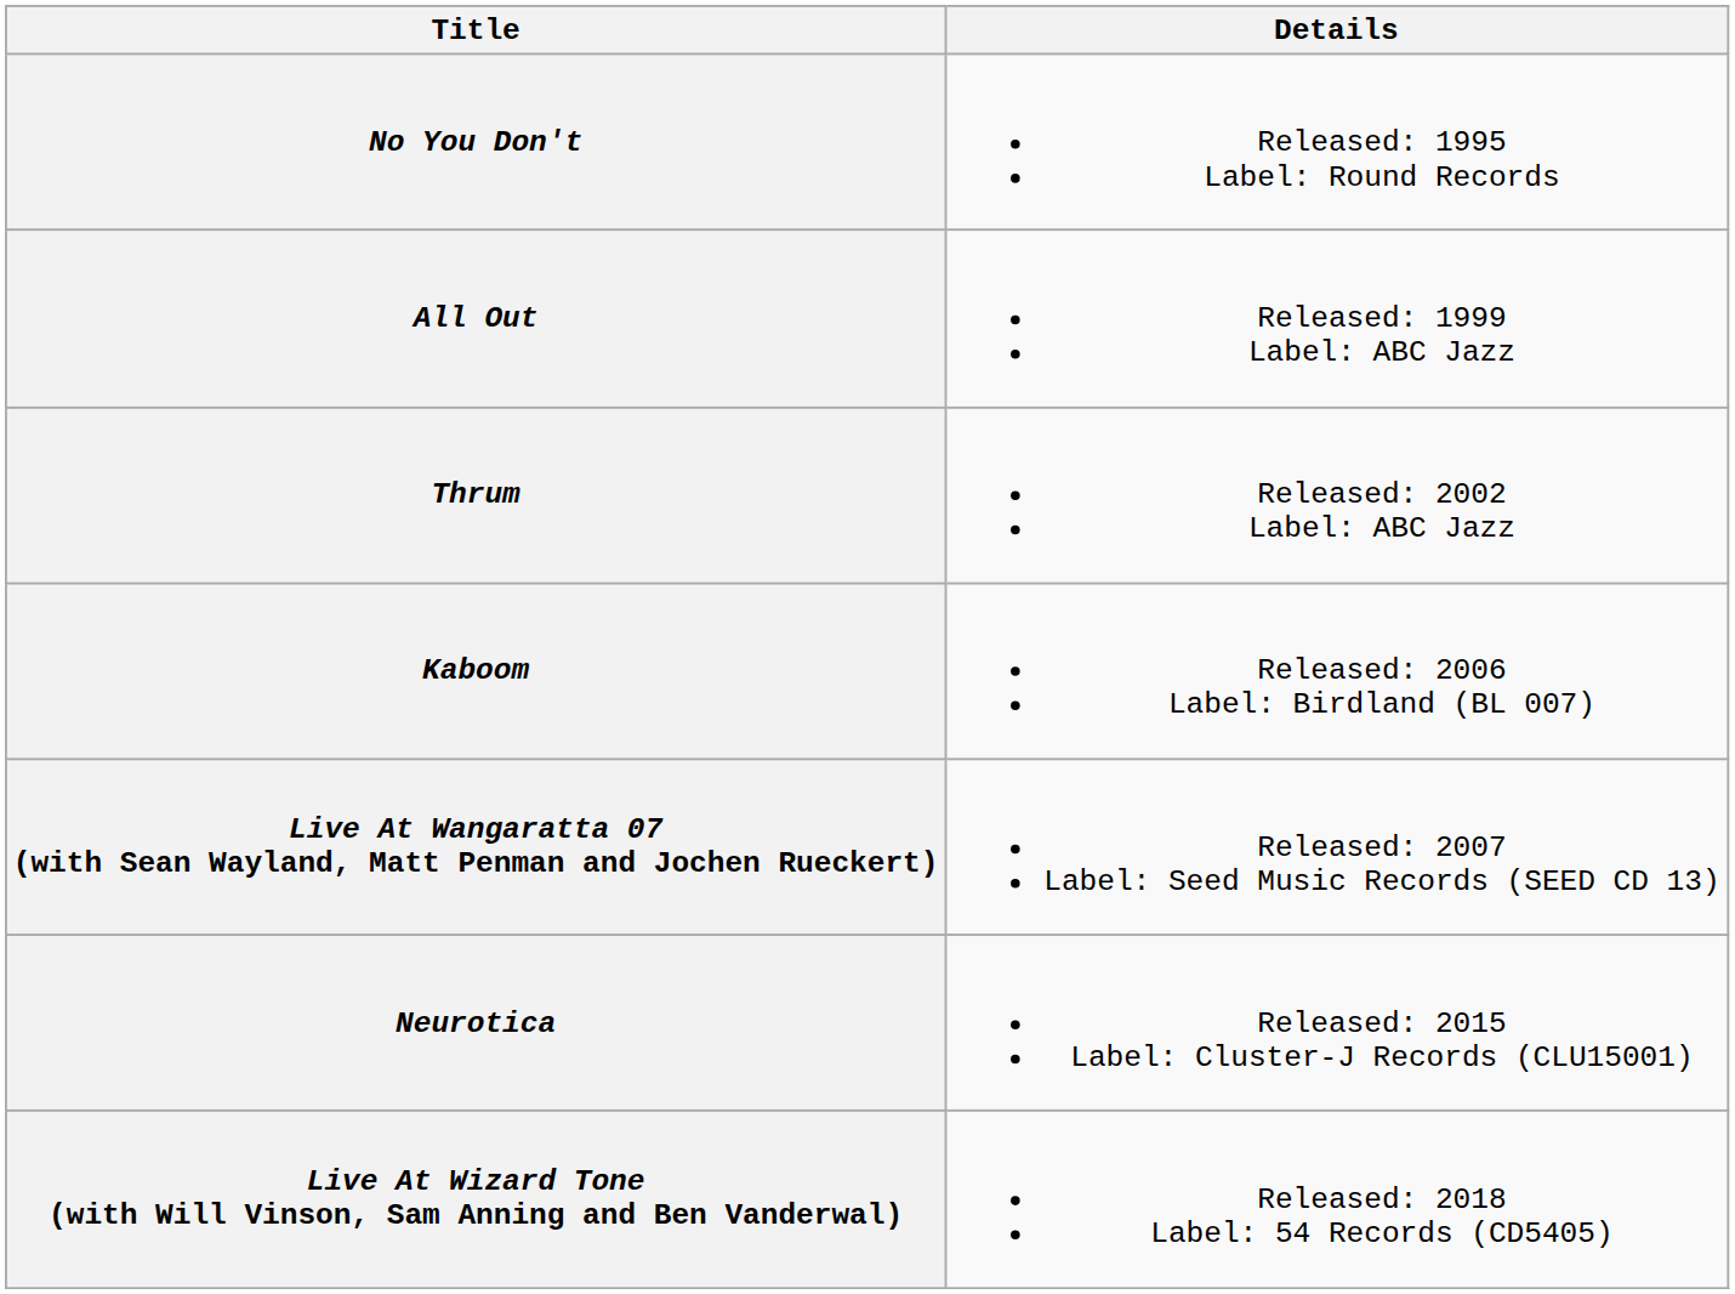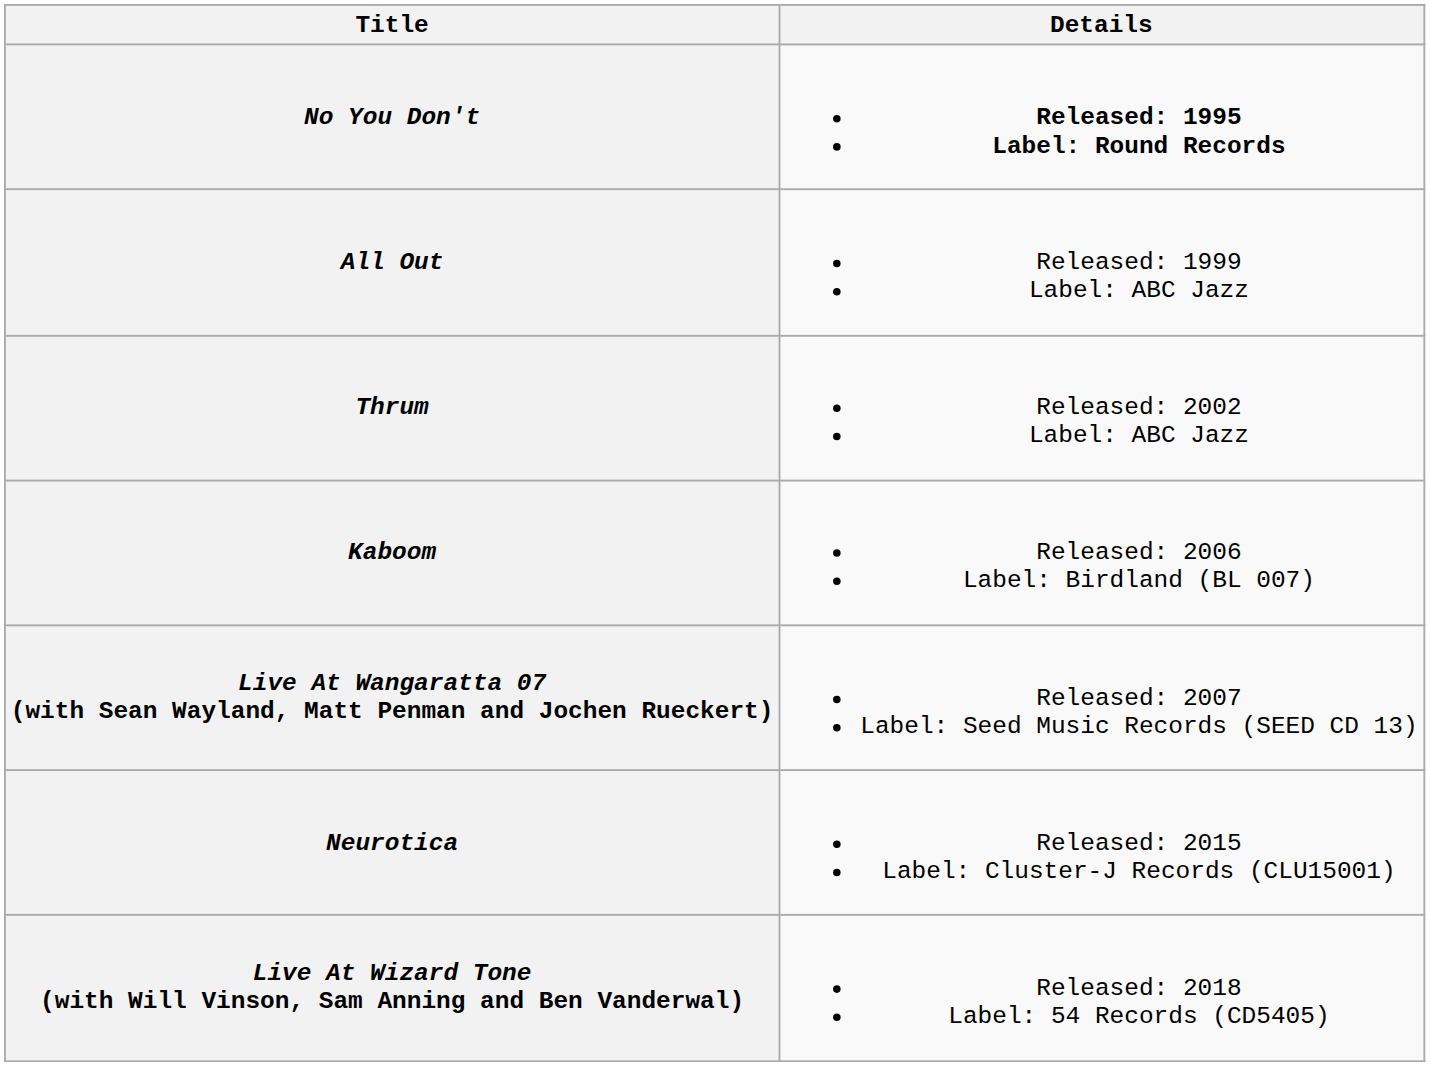 <table class="wikitable plainrowheaders" style="text-align:center;" border="1">
 <tr>
 <th scope="col">Title</th>
 <th scope="col">Details</th>
 </tr>
 <tr>
 <th scope="row"><em>No You Don't</em></th>
-<td><br><ul><li>Released: 1995</li><li>Label: Round Records</li></ul></td>
+<td><strong><br><ul><li>Released: 1995</li><li>Label: Round Records</li></ul></strong></td>
 </tr>
 <tr>
 <th scope="row"><em>All Out</em></th>
 <td><br><ul><li>Released: 1999</li><li>Label: ABC Jazz</li></ul></td>
 </tr>
 <tr>
 <th scope="row"><em>Thrum</em></th>
 <td><br><ul><li>Released: 2002</li><li>Label: ABC Jazz</li></ul></td>
 </tr>
 <tr>
 <th scope="row"><em>Kaboom</em></th>
 <td><br><ul><li>Released: 2006</li><li>Label: Birdland (BL 007)</li></ul></td>
 </tr>
 <tr>
 <th scope="row"><em>Live At Wangaratta 07</em><br> (with Sean Wayland, Matt Penman and Jochen Rueckert)</th>
 <td><br><ul><li>Released: 2007</li><li>Label: Seed Music Records (SEED CD 13)</li></ul></td>
 </tr>
 <tr>
 <th scope="row"><em>Neurotica</em></th>
 <td><br><ul><li>Released: 2015</li><li>Label: Cluster-J Records (CLU15001)</li></ul></td>
 </tr>
 <tr>
 <th scope="row"><em>Live At Wizard Tone</em> <br> (with Will Vinson, Sam Anning and Ben Vanderwal)</th>
 <td><br><ul><li>Released: 2018</li><li>Label: 54 Records (CD5405)</li></ul></td>
 </tr>
 <tr>
 </tr>
 </table>
